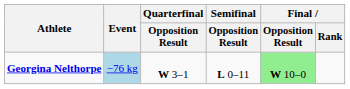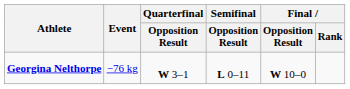 <table class="wikitable" style="font-size:90%">
 <tr>
 <th rowspan=2>Athlete</th>
 <th rowspan=2>Event</th>
 <th>Quarterfinal</th>
 <th>Semifinal</th>
 <th colspan=2>Final / </th>
 </tr>
 <tr style="font-size: 95%">
 <th>Opposition<br>Result</th>
 <th>Opposition<br>Result</th>
 <th>Opposition<br>Result</th>
 <th>Rank</th>
 </tr>
 <tr align=center>
 <td align=left><strong><a href='#'>Georgina Nelthorpe</a></strong></td>
-<td align=left style="background: lightblue;"><a href='#'>−76 kg</a></td>
+<td align=left><a href='#'>−76 kg</a></td>
 <td><br><strong>W</strong> 3–1</td>
 <td><br><strong>L</strong> 0–11</td>
-<td style="background: lightgreen;"><br><strong>W</strong> 10–0</td>
+<td><br><strong>W</strong> 10–0</td>
 <td></td>
 </tr>
 </table>
